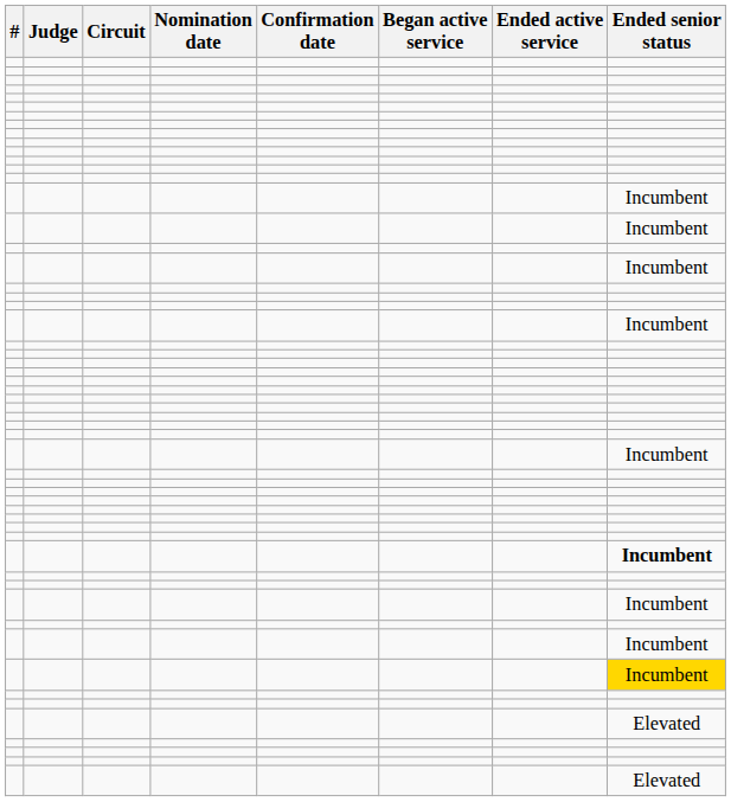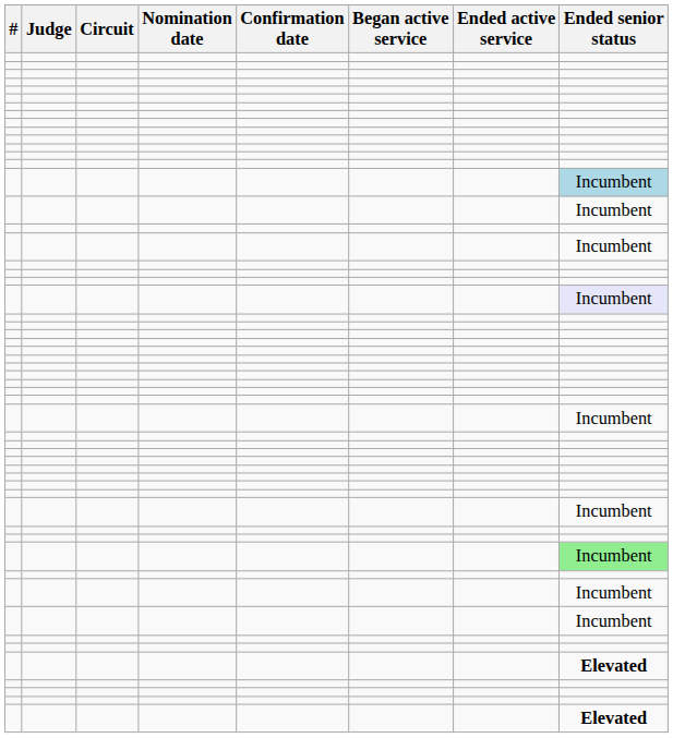 <table class="sortable wikitable">
 <tr bgcolor="#ececec">
 <th>#</th>
 <th>Judge</th>
 <th>Circuit</th>
 <th>Nomination<br>date</th>
 <th>Confirmation<br>date</th>
 <th>Began active<br>service</th>
 <th>Ended active<br>service</th>
 <th>Ended senior<br>status</th>
 </tr>
 <tr>
 <td></td>
 <td></td>
 <td></td>
 <td></td>
 <td></td>
 <td></td>
 <td></td>
 <td></td>
 </tr>
 <tr>
 <td></td>
 <td></td>
 <td></td>
 <td></td>
 <td></td>
 <td></td>
 <td></td>
 <td></td>
 </tr>
 <tr>
 <td></td>
 <td></td>
 <td></td>
 <td></td>
 <td></td>
 <td></td>
 <td></td>
 <td></td>
 </tr>
 <tr>
 <td></td>
 <td></td>
 <td></td>
 <td></td>
 <td></td>
 <td></td>
 <td></td>
 <td></td>
 </tr>
 <tr>
 <td></td>
 <td></td>
 <td></td>
 <td></td>
 <td></td>
 <td></td>
 <td></td>
 <td></td>
 </tr>
 <tr>
 <td></td>
 <td></td>
 <td></td>
 <td></td>
 <td></td>
 <td></td>
 <td></td>
 <td></td>
 </tr>
 <tr>
 <td></td>
 <td></td>
 <td></td>
 <td></td>
 <td></td>
 <td></td>
 <td></td>
 <td></td>
 </tr>
 <tr>
 <td></td>
 <td></td>
 <td></td>
 <td></td>
 <td></td>
 <td></td>
 <td></td>
 <td></td>
 </tr>
 <tr>
 <td></td>
 <td></td>
 <td></td>
 <td></td>
 <td></td>
 <td></td>
 <td></td>
 <td align="center"></td>
 </tr>
 <tr>
 <td></td>
 <td></td>
 <td></td>
 <td></td>
 <td></td>
 <td></td>
 <td></td>
 <td></td>
 </tr>
 <tr>
 <td></td>
 <td></td>
 <td></td>
 <td></td>
 <td></td>
 <td></td>
 <td></td>
 <td></td>
 </tr>
 <tr>
 <td></td>
 <td></td>
 <td></td>
 <td></td>
 <td></td>
 <td></td>
 <td></td>
 <td></td>
 </tr>
 <tr>
 <td></td>
 <td></td>
 <td></td>
 <td></td>
 <td></td>
 <td></td>
 <td></td>
 <td></td>
 </tr>
 <tr>
 <td></td>
 <td></td>
 <td></td>
 <td></td>
 <td></td>
 <td></td>
 <td></td>
 <td></td>
 </tr>
 <tr>
 <td></td>
 <td></td>
 <td></td>
 <td></td>
 <td></td>
 <td></td>
 <td></td>
-<td align="center">Incumbent</td>
+<td align="center" style="background: lightblue;">Incumbent</td>
 </tr>
 <tr>
 <td></td>
 <td></td>
 <td></td>
 <td></td>
 <td></td>
 <td></td>
 <td></td>
 <td align="center">Incumbent</td>
 </tr>
 <tr>
 <td></td>
 <td></td>
 <td></td>
 <td></td>
 <td></td>
 <td></td>
 <td></td>
 <td></td>
 </tr>
 <tr>
 <td></td>
 <td></td>
 <td></td>
 <td></td>
 <td></td>
 <td></td>
 <td></td>
 <td align="center">Incumbent</td>
 </tr>
 <tr>
 <td></td>
 <td></td>
 <td></td>
 <td></td>
 <td></td>
 <td></td>
 <td></td>
 <td></td>
 </tr>
 <tr>
 <td></td>
 <td></td>
 <td></td>
 <td></td>
 <td></td>
 <td></td>
 <td></td>
 <td align="center"></td>
 </tr>
 <tr>
 <td></td>
 <td></td>
 <td></td>
 <td></td>
 <td></td>
 <td></td>
 <td></td>
 <td></td>
 </tr>
 <tr>
 <td></td>
 <td></td>
 <td></td>
 <td></td>
 <td></td>
 <td></td>
 <td></td>
-<td align="center">Incumbent</td>
+<td align="center" style="background: lavender;">Incumbent</td>
 </tr>
 <tr>
 <td></td>
 <td></td>
 <td></td>
 <td></td>
 <td></td>
 <td></td>
 <td></td>
 <td align="center"></td>
 </tr>
 <tr>
 <td></td>
 <td></td>
 <td></td>
 <td></td>
 <td></td>
 <td></td>
 <td></td>
 <td></td>
 </tr>
 <tr>
 <td></td>
 <td></td>
 <td></td>
 <td></td>
 <td></td>
 <td></td>
 <td></td>
 <td></td>
 </tr>
 <tr>
 <td></td>
 <td></td>
 <td></td>
 <td></td>
 <td></td>
 <td></td>
 <td></td>
 <td align="center"></td>
 </tr>
 <tr>
 <td></td>
 <td></td>
 <td></td>
 <td></td>
 <td></td>
 <td></td>
 <td></td>
 <td></td>
 </tr>
 <tr>
 <td></td>
 <td></td>
 <td></td>
 <td></td>
 <td></td>
 <td></td>
 <td></td>
 <td></td>
 </tr>
 <tr>
 <td></td>
 <td></td>
 <td></td>
 <td></td>
 <td></td>
 <td></td>
 <td></td>
 <td></td>
 </tr>
 <tr>
 <td></td>
 <td></td>
 <td></td>
 <td></td>
 <td></td>
 <td></td>
 <td></td>
 <td></td>
 </tr>
 <tr>
 <td></td>
 <td></td>
 <td></td>
 <td></td>
 <td></td>
 <td></td>
 <td></td>
 <td></td>
 </tr>
 <tr>
 <td></td>
 <td></td>
 <td></td>
 <td></td>
 <td></td>
 <td></td>
 <td></td>
 <td align="center"></td>
 </tr>
 <tr>
 <td></td>
 <td></td>
 <td></td>
 <td></td>
 <td></td>
 <td></td>
 <td></td>
 <td align="center"></td>
 </tr>
 <tr>
 <td></td>
 <td></td>
 <td></td>
 <td></td>
 <td></td>
 <td></td>
 <td></td>
 <td align="center">Incumbent</td>
 </tr>
 <tr>
 <td></td>
 <td></td>
 <td></td>
 <td></td>
 <td></td>
 <td></td>
 <td></td>
 <td></td>
 </tr>
 <tr>
 <td></td>
 <td></td>
 <td></td>
 <td></td>
 <td></td>
 <td></td>
 <td></td>
 <td></td>
 </tr>
 <tr>
 <td></td>
 <td></td>
 <td></td>
 <td></td>
 <td></td>
 <td></td>
 <td></td>
 <td></td>
 </tr>
 <tr>
 <td></td>
 <td></td>
 <td></td>
 <td></td>
 <td></td>
 <td></td>
 <td></td>
 <td></td>
 </tr>
 <tr>
 <td></td>
 <td></td>
 <td></td>
 <td></td>
 <td></td>
 <td></td>
 <td></td>
 <td align="center"></td>
 </tr>
 <tr>
 <td></td>
 <td></td>
 <td></td>
 <td></td>
 <td></td>
 <td></td>
 <td></td>
 <td></td>
 </tr>
 <tr>
 <td></td>
 <td></td>
 <td></td>
 <td></td>
 <td></td>
 <td></td>
 <td></td>
 <td></td>
 </tr>
 <tr>
 <td></td>
 <td></td>
 <td></td>
 <td></td>
 <td></td>
 <td></td>
 <td></td>
 <td></td>
 </tr>
 <tr>
 <td></td>
 <td></td>
 <td></td>
 <td></td>
 <td></td>
 <td></td>
 <td></td>
-<td align="center"><strong>Incumbent</strong></td>
+<td align="center">Incumbent</td>
 </tr>
 <tr>
 <td></td>
 <td></td>
 <td></td>
 <td></td>
 <td></td>
 <td></td>
 <td></td>
 <td></td>
 </tr>
 <tr>
 <td></td>
 <td></td>
 <td></td>
 <td></td>
 <td></td>
 <td></td>
 <td></td>
 <td></td>
 </tr>
 <tr>
 <td></td>
 <td></td>
 <td></td>
 <td></td>
 <td></td>
 <td></td>
 <td></td>
-<td align="center">Incumbent</td>
+<td align="center" style="background: lightgreen;">Incumbent</td>
 </tr>
 <tr>
 <td></td>
 <td></td>
 <td></td>
 <td></td>
 <td></td>
 <td></td>
 <td></td>
 <td></td>
 </tr>
 <tr>
 <td></td>
 <td></td>
 <td></td>
 <td></td>
 <td></td>
 <td></td>
 <td></td>
 <td align="center">Incumbent</td>
 </tr>
 <tr>
 <td></td>
 <td></td>
 <td></td>
 <td></td>
 <td></td>
 <td></td>
 <td></td>
-<td align="center" style="background: gold;">Incumbent</td>
+<td align="center">Incumbent</td>
 </tr>
 <tr>
 <td></td>
 <td></td>
 <td></td>
 <td></td>
 <td></td>
 <td></td>
 <td></td>
 <td align="center"></td>
 </tr>
 <tr>
 <td></td>
 <td></td>
 <td></td>
 <td></td>
 <td></td>
 <td></td>
 <td></td>
 <td></td>
 </tr>
 <tr>
 <td></td>
 <td></td>
 <td></td>
 <td></td>
 <td></td>
 <td></td>
 <td></td>
-<td align="center">Elevated</td>
+<td align="center"><strong>Elevated</strong></td>
 </tr>
 <tr>
 <td></td>
 <td></td>
 <td></td>
 <td></td>
 <td></td>
 <td></td>
 <td></td>
 <td></td>
 </tr>
 <tr>
 <td></td>
 <td></td>
 <td></td>
 <td></td>
 <td></td>
 <td></td>
 <td></td>
 <td></td>
 </tr>
 <tr>
 <td></td>
 <td></td>
 <td></td>
 <td></td>
 <td></td>
 <td></td>
 <td></td>
 <td align="center"></td>
 </tr>
 <tr>
 <td></td>
 <td></td>
 <td></td>
 <td></td>
 <td></td>
 <td></td>
 <td></td>
-<td align="center">Elevated</td>
+<td align="center"><strong>Elevated</strong></td>
 </tr>
 </table>
